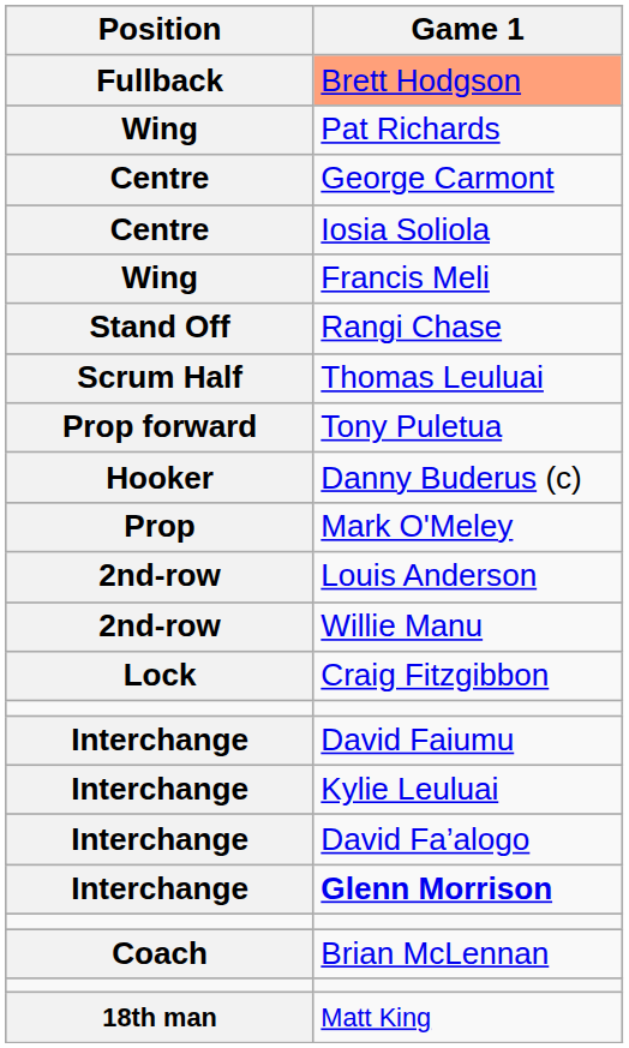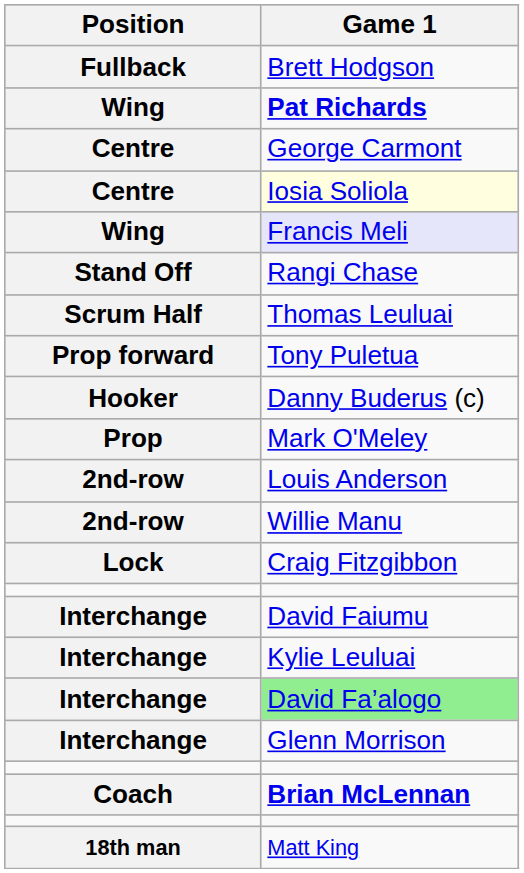 <table class="wikitable">
 <tr>
 <th style="width:150px;">Position</th>
 <th style="width:150px;">Game 1</th>
 </tr>
 <tr>
 <th>Fullback</th>
-<td colspan="1" style="background: lightsalmon;"><a href='#'>Brett Hodgson</a></td>
+<td colspan="1"><a href='#'>Brett Hodgson</a></td>
 </tr>
 <tr>
 <th>Wing</th>
-<td colspan="1"><a href='#'>Pat Richards</a></td>
+<td colspan="1"><strong><a href='#'>Pat Richards</a></strong></td>
 </tr>
 <tr>
 <th>Centre</th>
 <td colspan="1"><a href='#'>George Carmont</a></td>
 </tr>
 <tr>
 <th>Centre</th>
-<td colspan="1"><a href='#'>Iosia Soliola</a></td>
+<td colspan="1" style="background: lightyellow;"><a href='#'>Iosia Soliola</a></td>
 </tr>
 <tr>
 <th>Wing</th>
-<td colspan="1"><a href='#'>Francis Meli</a></td>
+<td colspan="1" style="background: lavender;"><a href='#'>Francis Meli</a></td>
 </tr>
 <tr>
 <th>Stand Off</th>
 <td colspan="1"><a href='#'>Rangi Chase</a></td>
 </tr>
 <tr>
 <th>Scrum Half</th>
 <td colspan="1"><a href='#'>Thomas Leuluai</a></td>
 </tr>
 <tr>
 <th>Prop forward</th>
 <td colspan="1"><a href='#'>Tony Puletua</a></td>
 </tr>
 <tr>
 <th>Hooker</th>
 <td colspan="1"><a href='#'>Danny Buderus</a> (c)</td>
 </tr>
 <tr>
 <th>Prop</th>
 <td colspan="1"><a href='#'>Mark O'Meley</a></td>
 </tr>
 <tr>
 <th>2nd-row</th>
 <td colspan="1"><a href='#'>Louis Anderson</a></td>
 </tr>
 <tr>
 <th>2nd-row</th>
 <td colspan="1"><a href='#'>Willie Manu</a></td>
 </tr>
 <tr>
 <th>Lock</th>
 <td colspan="1"><a href='#'>Craig Fitzgibbon</a></td>
 </tr>
 <tr>
 <td></td>
 </tr>
 <tr>
 <th>Interchange</th>
 <td colspan="1"><a href='#'>David Faiumu</a></td>
 </tr>
 <tr>
 <th>Interchange</th>
 <td colspan="1"><a href='#'>Kylie Leuluai</a></td>
 </tr>
 <tr>
 <th>Interchange</th>
-<td colspan="1"><a href='#'>David Fa’alogo</a></td>
+<td colspan="1" style="background: lightgreen;"><a href='#'>David Fa’alogo</a></td>
 </tr>
 <tr>
 <th>Interchange</th>
-<td colspan="1"><strong><a href='#'>Glenn Morrison</a></strong></td>
+<td colspan="1"><a href='#'>Glenn Morrison</a></td>
 </tr>
 <tr>
 <td></td>
 </tr>
 <tr>
 <th>Coach</th>
-<td colspan="1"><a href='#'>Brian McLennan</a></td>
+<td colspan="1"><strong><a href='#'>Brian McLennan</a></strong></td>
 </tr>
 <tr>
 <td></td>
 </tr>
 <tr>
 <th><small>18th man</small></th>
 <td colspan="2"><small><a href='#'>Matt King</a></small></td>
 </tr>
 <tr>
 </tr>
 </table>
